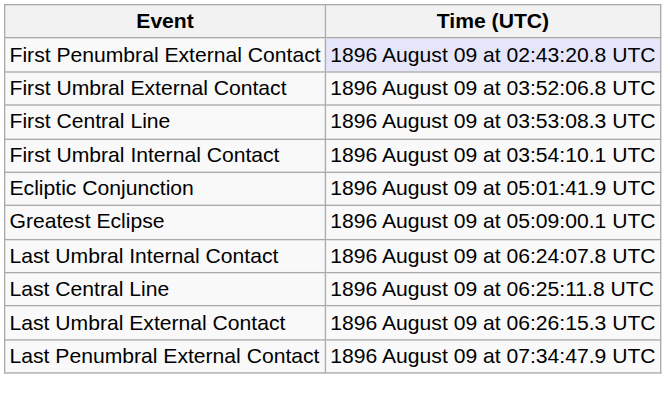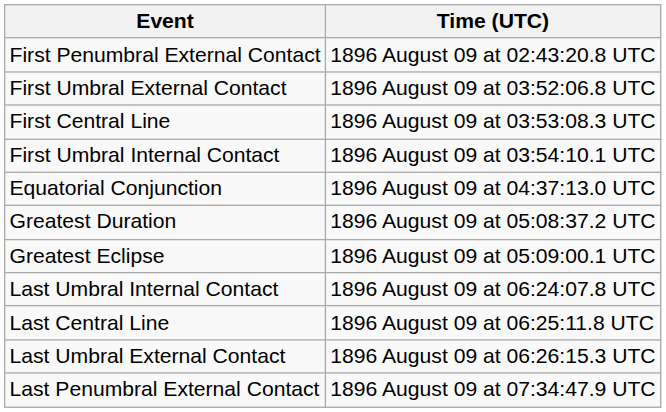 <table class="wikitable">
 <tr>
 <th>Event</th>
 <th>Time (UTC)</th>
 </tr>
 <tr>
 <td>First Penumbral External Contact</td>
-<td style="background: lavender;">1896 August 09 at 02:43:20.8 UTC</td>
+<td>1896 August 09 at 02:43:20.8 UTC</td>
 </tr>
 <tr>
 <td>First Umbral External Contact</td>
 <td>1896 August 09 at 03:52:06.8 UTC</td>
 </tr>
 <tr>
 <td>First Central Line</td>
 <td>1896 August 09 at 03:53:08.3 UTC</td>
 </tr>
 <tr>
 <td>First Umbral Internal Contact</td>
 <td>1896 August 09 at 03:54:10.1 UTC</td>
 </tr>
 <tr>
-<td>Ecliptic Conjunction</td>
-<td>1896 August 09 at 05:01:41.9 UTC</td>
+<td>Equatorial Conjunction</td>
+<td>1896 August 09 at 04:37:13.0 UTC</td>
+</tr>
+<tr>
+<td>Greatest Duration</td>
+<td>1896 August 09 at 05:08:37.2 UTC</td>
 </tr>
 <tr>
 <td>Greatest Eclipse</td>
 <td>1896 August 09 at 05:09:00.1 UTC</td>
 </tr>
 <tr>
 <td>Last Umbral Internal Contact</td>
 <td>1896 August 09 at 06:24:07.8 UTC</td>
 </tr>
 <tr>
 <td>Last Central Line</td>
 <td>1896 August 09 at 06:25:11.8 UTC</td>
 </tr>
 <tr>
 <td>Last Umbral External Contact</td>
 <td>1896 August 09 at 06:26:15.3 UTC</td>
 </tr>
 <tr>
 <td>Last Penumbral External Contact</td>
 <td>1896 August 09 at 07:34:47.9 UTC</td>
 </tr>
 </table>
